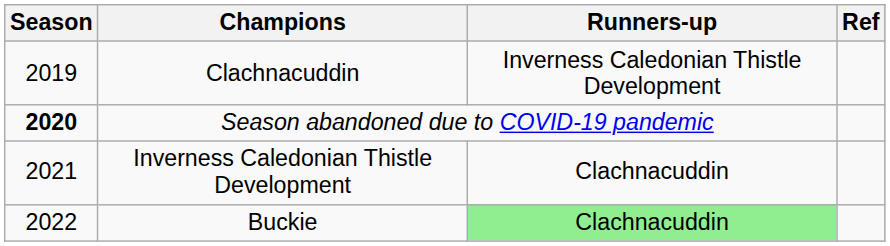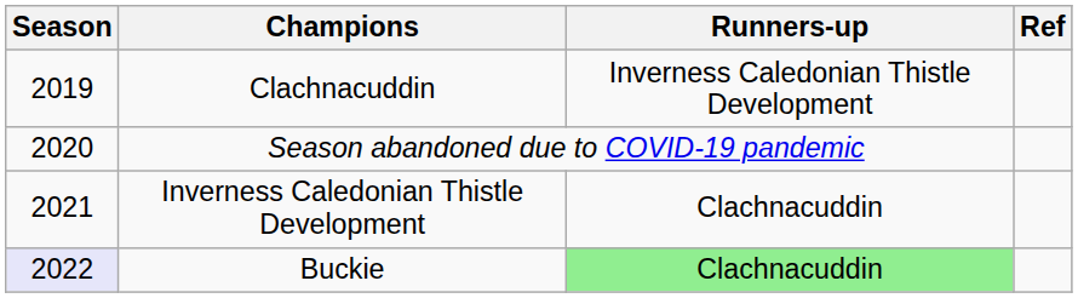 <table class="wikitable sortable" style="text-align: center;">
 <tr>
 <th>Season</th>
 <th>Champions</th>
 <th>Runners-up</th>
 <th>Ref</th>
 </tr>
 <tr>
 <td>2019</td>
 <td>Clachnacuddin</td>
 <td>Inverness Caledonian Thistle Development</td>
 <td></td>
 </tr>
 <tr>
-<td><strong>2020</strong></td>
+<td>2020</td>
 <td colspan=2><em>Season abandoned due to <a href='#'>COVID-19 pandemic</a></em></td>
 <td></td>
 </tr>
 <tr>
 <td>2021</td>
 <td>Inverness Caledonian Thistle Development</td>
 <td>Clachnacuddin</td>
 <td></td>
 </tr>
 <tr>
-<td>2022</td>
+<td style="background: lavender;">2022</td>
 <td>Buckie</td>
 <td style="background: lightgreen;">Clachnacuddin</td>
 <td></td>
 </tr>
 </table>
